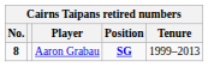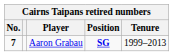 <table class="wikitable" style="text-align:center; font-size:95%;">
 <tr>
 <th colspan="5">Cairns Taipans retired numbers</th>
 </tr>
 <tr>
 <th>No.</th>
 <th></th>
 <th>Player</th>
 <th>Position</th>
 <th>Tenure</th>
 </tr>
 <tr>
-<td><strong>8</strong></td>
+<td><strong>7</strong></td>
 <td></td>
 <td><a href='#'>Aaron Grabau</a></td>
 <td><strong><a href='#'>SG</a></strong></td>
 <td>1999–2013</td>
 </tr>
 </table>
